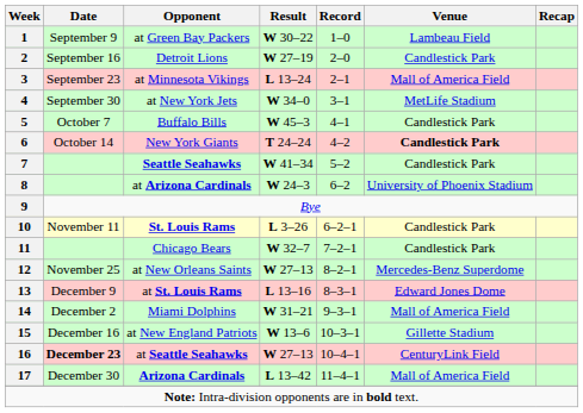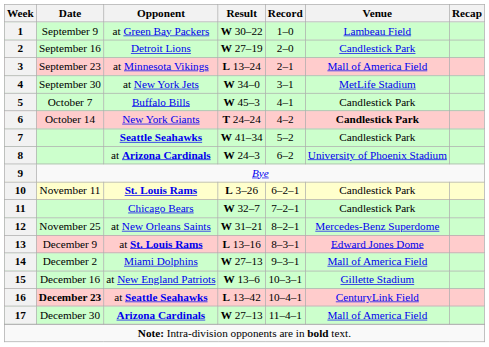 <table class="wikitable" style="text-align:center">
 <tr>
 <th>Week</th>
 <th>Date</th>
 <th>Opponent</th>
 <th>Result</th>
 <th>Record</th>
 <th>Venue</th>
 <th>Recap</th>
 </tr>
 <tr style="background:#cfc">
 <th>1</th>
 <td>September 9</td>
 <td>at <a href='#'>Green Bay Packers</a></td>
 <td><strong>W</strong> 30–22</td>
 <td>1–0</td>
 <td><a href='#'>Lambeau Field</a></td>
 <td></td>
 </tr>
 <tr style="background:#cfc">
 <th>2</th>
 <td>September 16</td>
 <td><a href='#'>Detroit Lions</a></td>
 <td><strong>W</strong> 27–19</td>
 <td>2–0</td>
 <td><a href='#'>Candlestick Park</a></td>
 <td></td>
 </tr>
 <tr style="background:#fcc">
 <th>3</th>
 <td>September 23</td>
 <td>at <a href='#'>Minnesota Vikings</a></td>
 <td><strong>L</strong> 13–24</td>
 <td>2–1</td>
 <td><a href='#'>Mall of America Field</a></td>
 <td></td>
 </tr>
 <tr style="background:#cfc">
 <th>4</th>
 <td>September 30</td>
 <td>at <a href='#'>New York Jets</a></td>
 <td><strong>W</strong> 34–0</td>
 <td>3–1</td>
 <td><a href='#'>MetLife Stadium</a></td>
 <td></td>
 </tr>
 <tr style="background:#cfc">
 <th>5</th>
 <td>October 7</td>
 <td><a href='#'>Buffalo Bills</a></td>
 <td><strong>W</strong> 45–3</td>
 <td>4–1</td>
 <td>Candlestick Park</td>
 <td></td>
 </tr>
 <tr style="background:#fcc">
 <th>6</th>
 <td>October 14</td>
 <td><a href='#'>New York Giants</a></td>
 <td><strong>T</strong> 24–24 </td>
 <td>4–2</td>
 <td><strong>Candlestick Park</strong></td>
 <td></td>
 </tr>
 <tr style="background:#cfc">
 <th>7</th>
 <td></td>
 <td><strong><a href='#'>Seattle Seahawks</a></strong></td>
 <td><strong>W</strong> 41–34</td>
 <td>5–2</td>
 <td>Candlestick Park</td>
 <td></td>
 </tr>
 <tr style="background:#cfc">
 <th>8</th>
 <td></td>
 <td>at <strong><a href='#'>Arizona Cardinals</a></strong></td>
 <td><strong>W</strong> 24–3</td>
 <td>6–2</td>
 <td><a href='#'>University of Phoenix Stadium</a></td>
 <td></td>
 </tr>
 <tr>
 <th>9</th>
 <td colspan="6"><em><a href='#'>Bye</a></em></td>
 </tr>
 <tr style="background:#ffc">
 <th>10</th>
 <td>November 11</td>
 <td><strong><a href='#'>St. Louis Rams</a></strong></td>
 <td><strong>L</strong> 3–26</td>
 <td>6–2–1</td>
 <td>Candlestick Park</td>
 <td></td>
 </tr>
 <tr style="background:#cfc">
 <th>11</th>
 <td></td>
 <td><a href='#'>Chicago Bears</a></td>
 <td><strong>W</strong> 32–7</td>
 <td>7–2–1</td>
 <td>Candlestick Park</td>
 <td></td>
 </tr>
 <tr style="background:#cfc">
 <th>12</th>
 <td>November 25</td>
 <td>at <a href='#'>New Orleans Saints</a></td>
-<td><strong>W</strong> 27–13</td>
+<td><strong>W</strong> 31–21</td>
 <td>8–2–1</td>
 <td><a href='#'>Mercedes-Benz Superdome</a></td>
 <td></td>
 </tr>
 <tr style="background:#fcc">
 <th>13</th>
 <td>December 9</td>
 <td>at <strong><a href='#'>St. Louis Rams</a></strong></td>
 <td><strong>L</strong> 13–16 </td>
 <td>8–3–1</td>
 <td><a href='#'>Edward Jones Dome</a></td>
 <td></td>
 </tr>
 <tr style="background:#cfc">
 <th>14</th>
 <td>December 2</td>
 <td><a href='#'>Miami Dolphins</a></td>
-<td><strong>W</strong> 31–21</td>
+<td><strong>W</strong> 27–13</td>
 <td>9–3–1</td>
 <td><a href='#'>Mall of America Field</a></td>
 <td></td>
 </tr>
 <tr style="background:#cfc">
 <th>15</th>
 <td>December 16</td>
 <td>at <a href='#'>New England Patriots</a></td>
 <td><strong>W</strong> 13–6</td>
 <td>10–3–1</td>
 <td><a href='#'>Gillette Stadium</a></td>
 <td></td>
 </tr>
 <tr style="background:#fcc">
 <th>16</th>
 <td><strong>December 23</strong></td>
 <td>at <strong><a href='#'>Seattle Seahawks</a></strong></td>
-<td><strong>W</strong> 27–13</td>
+<td><strong>L</strong> 13–42</td>
 <td>10–4–1</td>
 <td><a href='#'>CenturyLink Field</a></td>
 <td></td>
 </tr>
 <tr style="background:#cfc">
 <th>17</th>
 <td>December 30</td>
 <td><strong><a href='#'>Arizona Cardinals</a></strong></td>
-<td><strong>L</strong> 13–42</td>
+<td><strong>W</strong> 27–13</td>
 <td>11–4–1</td>
 <td><a href='#'>Mall of America Field</a></td>
 <td></td>
 </tr>
 <tr>
 </tr>
 <tr>
 <td colspan="8"><strong>Note:</strong> Intra-division opponents are in <strong>bold</strong> text.</td>
 </tr>
 </table>
